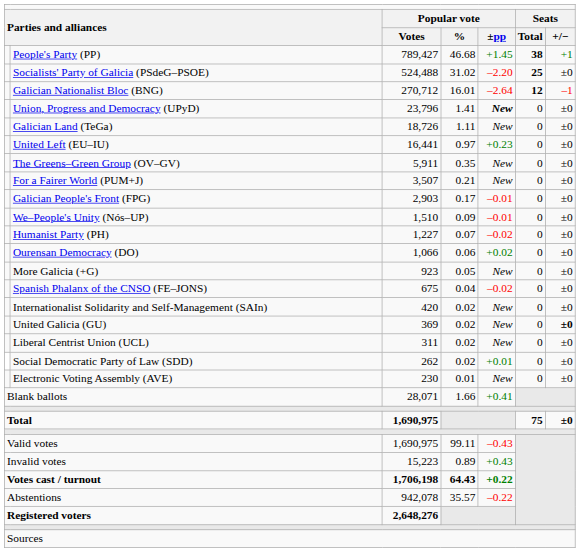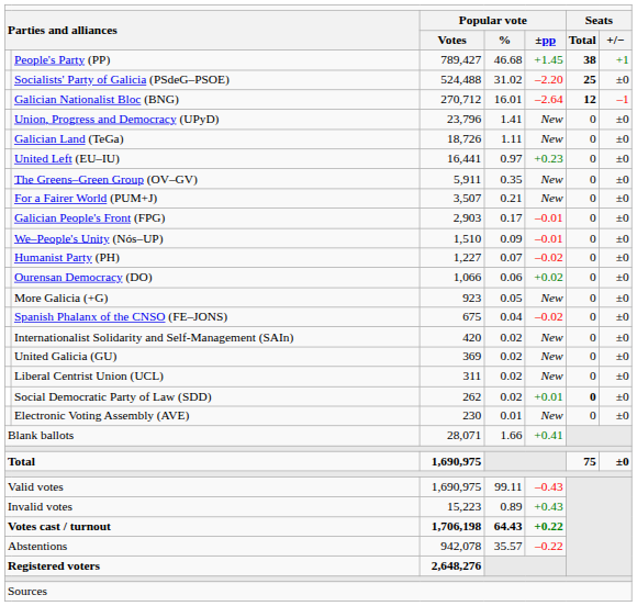 <table class="wikitable" style="text-align:right;">
 <tr>
 <td colspan="7"></td>
 </tr>
 <tr>
 <th style="text-align:left;" rowspan="2" colspan="2" width="525">Parties and alliances</th>
 <th colspan="3">Popular vote</th>
 <th colspan="2">Seats</th>
 </tr>
 <tr>
 <th width="75">Votes</th>
 <th width="45">%</th>
 <th width="45">±<a href='#'>pp</a></th>
 <th width="35">Total</th>
 <th width="35">+/−</th>
 </tr>
 <tr>
 <td width="1" style="color:inherit;background:"></td>
 <td align="left"><a href='#'>People's Party</a> (PP)</td>
 <td>789,427</td>
 <td>46.68</td>
 <td style="color:green;">+1.45</td>
 <td><strong>38</strong></td>
 <td style="color:green;">+1</td>
 </tr>
 <tr>
 <td style="color:inherit;background:"></td>
 <td align="left"><a href='#'>Socialists' Party of Galicia</a> (PSdeG–PSOE)</td>
 <td>524,488</td>
 <td>31.02</td>
 <td style="color:red;">–2.20</td>
 <td><strong>25</strong></td>
 <td>±0</td>
 </tr>
 <tr>
 <td style="color:inherit;background:"></td>
 <td align="left"><a href='#'>Galician Nationalist Bloc</a> (BNG)</td>
 <td>270,712</td>
 <td>16.01</td>
 <td style="color:red;">–2.64</td>
 <td><strong>12</strong></td>
 <td style="color:red;">–1</td>
 </tr>
 <tr>
 <td style="color:inherit;background:"></td>
 <td align="left"><a href='#'>Union, Progress and Democracy</a> (UPyD)</td>
 <td>23,796</td>
 <td>1.41</td>
-<td><strong><em>New</em></strong></td>
+<td><em>New</em></td>
 <td>0</td>
 <td>±0</td>
 </tr>
 <tr>
 <td style="color:inherit;background:"></td>
 <td align="left"><a href='#'>Galician Land</a> (TeGa)</td>
 <td>18,726</td>
 <td>1.11</td>
 <td><em>New</em></td>
 <td>0</td>
 <td>±0</td>
 </tr>
 <tr>
 <td style="color:inherit;background:"></td>
 <td align="left"><a href='#'>United Left</a> (EU–IU)</td>
 <td>16,441</td>
 <td>0.97</td>
 <td style="color:green;">+0.23</td>
 <td>0</td>
 <td>±0</td>
 </tr>
 <tr>
 <td style="color:inherit;background:"></td>
 <td align="left"><a href='#'>The Greens–Green Group</a> (OV–GV)</td>
 <td>5,911</td>
 <td>0.35</td>
 <td><em>New</em></td>
 <td>0</td>
 <td>±0</td>
 </tr>
 <tr>
 <td style="color:inherit;background:"></td>
 <td align="left"><a href='#'>For a Fairer World</a> (PUM+J)</td>
 <td>3,507</td>
 <td>0.21</td>
 <td><em>New</em></td>
 <td>0</td>
 <td>±0</td>
 </tr>
 <tr>
 <td style="color:inherit;background:"></td>
 <td align="left"><a href='#'>Galician People's Front</a> (FPG)</td>
 <td>2,903</td>
 <td>0.17</td>
 <td style="color:red;">–0.01</td>
 <td>0</td>
 <td>±0</td>
 </tr>
 <tr>
 <td style="color:inherit;background:"></td>
 <td align="left"><a href='#'>We–People's Unity</a> (Nós–UP)</td>
 <td>1,510</td>
 <td>0.09</td>
 <td style="color:red;">–0.01</td>
 <td>0</td>
 <td>±0</td>
 </tr>
 <tr>
 <td style="color:inherit;background:"></td>
 <td align="left"><a href='#'>Humanist Party</a> (PH)</td>
 <td>1,227</td>
 <td>0.07</td>
 <td style="color:red;">–0.02</td>
 <td>0</td>
 <td>±0</td>
 </tr>
 <tr>
 <td style="color:inherit;background:"></td>
 <td align="left"><a href='#'>Ourensan Democracy</a> (DO)</td>
 <td>1,066</td>
 <td>0.06</td>
 <td style="color:green;">+0.02</td>
 <td>0</td>
 <td>±0</td>
 </tr>
 <tr>
 <td style="color:inherit;background:"></td>
 <td align="left">More Galicia (+G)</td>
 <td>923</td>
 <td>0.05</td>
 <td><em>New</em></td>
 <td>0</td>
 <td>±0</td>
 </tr>
 <tr>
 <td style="color:inherit;background:"></td>
 <td align="left"><a href='#'>Spanish Phalanx of the CNSO</a> (FE–JONS)</td>
 <td>675</td>
 <td>0.04</td>
 <td style="color:red;">–0.02</td>
 <td>0</td>
 <td>±0</td>
 </tr>
 <tr>
 <td style="color:inherit;background:"></td>
 <td align="left">Internationalist Solidarity and Self-Management (SAIn)</td>
 <td>420</td>
 <td>0.02</td>
 <td><em>New</em></td>
 <td>0</td>
 <td>±0</td>
 </tr>
 <tr>
 <td style="color:inherit;background:"></td>
 <td align="left">United Galicia (GU)</td>
 <td>369</td>
 <td>0.02</td>
 <td><em>New</em></td>
 <td>0</td>
-<td><strong>±0</strong></td>
+<td>±0</td>
 </tr>
 <tr>
 <td style="color:inherit;background:"></td>
 <td align="left">Liberal Centrist Union (UCL)</td>
 <td>311</td>
 <td>0.02</td>
 <td><em>New</em></td>
 <td>0</td>
 <td>±0</td>
 </tr>
 <tr>
 <td bgcolor="white"></td>
 <td align="left">Social Democratic Party of Law (SDD)</td>
 <td>262</td>
 <td>0.02</td>
 <td style="color:green;">+0.01</td>
-<td>0</td>
+<td><strong>0</strong></td>
 <td>±0</td>
 </tr>
 <tr>
 <td style="color:inherit;background:"></td>
 <td align="left">Electronic Voting Assembly (AVE)</td>
 <td>230</td>
 <td>0.01</td>
 <td><em>New</em></td>
 <td>0</td>
 <td>±0</td>
 </tr>
 <tr>
 <td align="left" colspan="2">Blank ballots</td>
 <td>28,071</td>
 <td>1.66</td>
 <td style="color:green;">+0.41</td>
 <td bgcolor="#E9E9E9" colspan="2"></td>
 </tr>
 <tr>
 <td colspan="7" bgcolor="#E9E9E9"></td>
 </tr>
 <tr style="font-weight:bold;">
 <td align="left" colspan="2">Total</td>
 <td>1,690,975</td>
 <td bgcolor="#E9E9E9" colspan="2"></td>
 <td>75</td>
 <td>±0</td>
 </tr>
 <tr>
 <td colspan="7" bgcolor="#E9E9E9"></td>
 </tr>
 <tr>
 <td align="left" colspan="2">Valid votes</td>
 <td>1,690,975</td>
 <td>99.11</td>
 <td style="color:red;">–0.43</td>
 <td bgcolor="#E9E9E9" colspan="7" rowspan="5"></td>
 </tr>
 <tr>
 <td align="left" colspan="2">Invalid votes</td>
 <td>15,223</td>
 <td>0.89</td>
 <td style="color:green;">+0.43</td>
 </tr>
 <tr style="font-weight:bold;">
 <td align="left" colspan="2">Votes cast / turnout</td>
 <td>1,706,198</td>
 <td>64.43</td>
 <td style="color:green;">+0.22</td>
 </tr>
 <tr>
 <td align="left" colspan="2">Abstentions</td>
 <td>942,078</td>
 <td>35.57</td>
 <td style="color:red;">–0.22</td>
 </tr>
 <tr style="font-weight:bold;">
 <td align="left" colspan="2">Registered voters</td>
 <td>2,648,276</td>
 <td bgcolor="#E9E9E9" colspan="2"></td>
 </tr>
 <tr>
 <td colspan="7" bgcolor="#E9E9E9"></td>
 </tr>
 <tr>
 <td align="left" colspan="7">Sources</td>
 </tr>
 </table>
